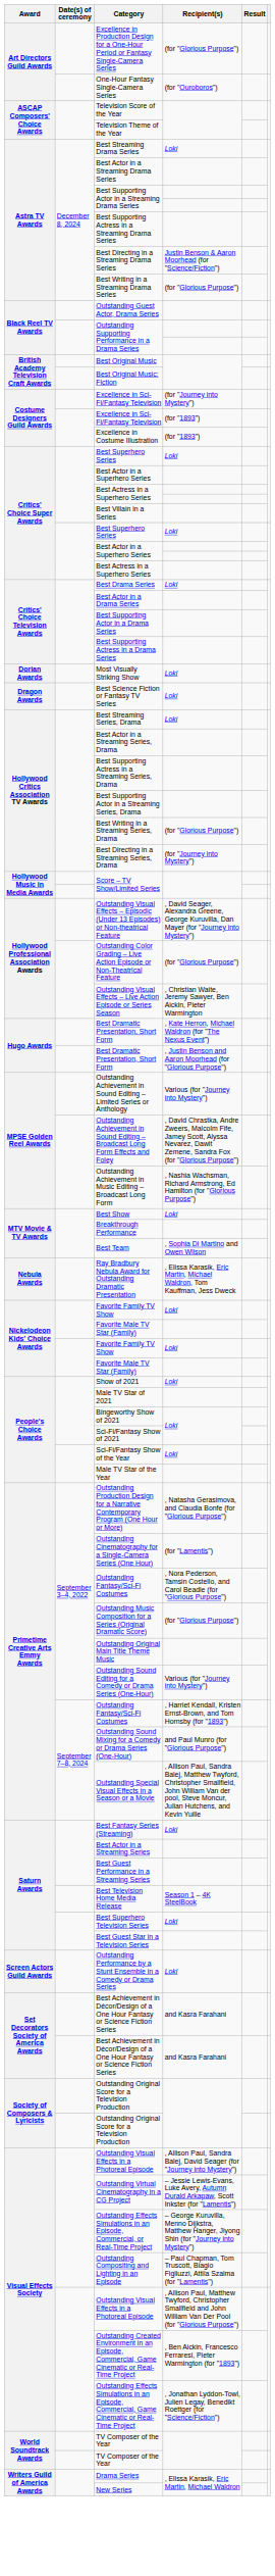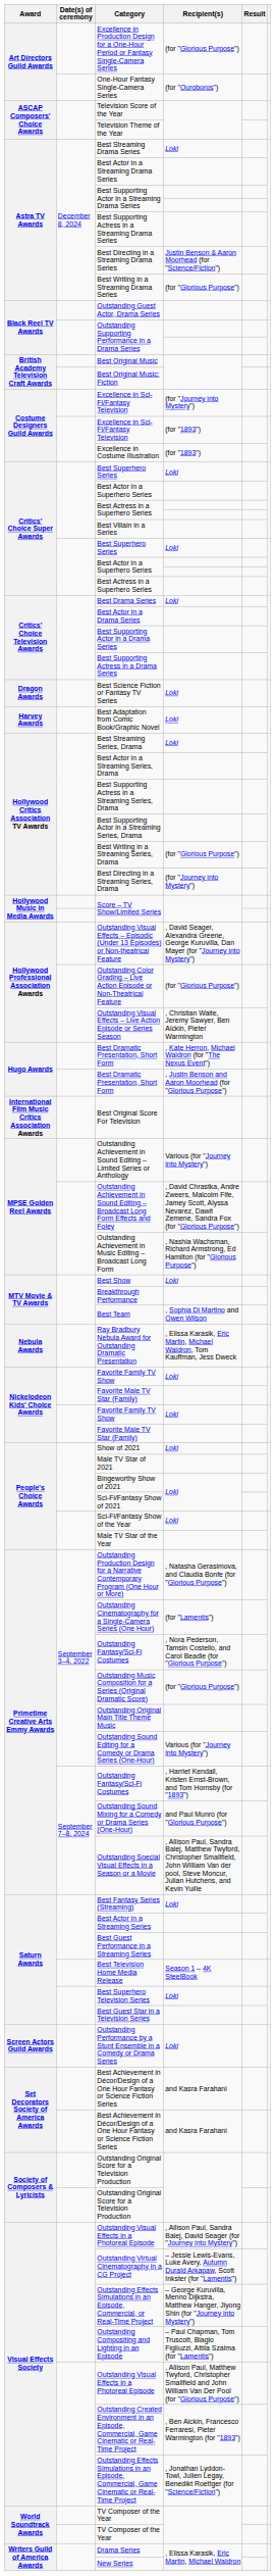 <table class="wikitable plainrowheaders sortable">
 <tr>
 <th scope="col">Award</th>
 <th scope="col">Date(s) of ceremony</th>
 <th scope="col">Category</th>
 <th scope="col">Recipient(s)</th>
 <th scope="col">Result</th>
 <th scope="col" class="unsortable"></th>
 </tr>
 <tr>
 <th rowspan="2" scope="rowgroup" style="text-align: center;"><a href='#'>Art Directors Guild Awards</a></th>
 <td><a href='#'></a></td>
 <td><a href='#'>Excellence in Production Design for a One-Hour Period or Fantasy Single-Camera Series</a></td>
 <td> (for "<a href='#'>Glorious Purpose</a>")</td>
 <td></td>
 <td style="text-align:center;"></td>
 </tr>
 <tr>
 <td><a href='#'></a></td>
 <td>One-Hour Fantasy Single-Camera Series</td>
 <td> (for "<a href='#'>Ouroboros</a>")</td>
 <td></td>
 <td style="text-align:center;"></td>
 </tr>
 <tr>
 <th rowspan="2" scope="rowgroup" style="text-align:center;"><a href='#'>ASCAP Composers' Choice Awards</a></th>
 <td rowspan="2"></td>
 <td>Television Score of the Year</td>
 <td rowspan="2"></td>
 <td></td>
 <td rowspan="2" style="text-align:center;"></td>
 </tr>
 <tr>
 <td>Television Theme of the Year</td>
 <td></td>
 </tr>
 <tr>
 <th rowspan="7" scope="rowgroup" style="text-align:center;"><a href='#'>Astra TV Awards</a></th>
 <td rowspan="7"><a href='#'>December 8, 2024</a></td>
 <td>Best Streaming Drama Series</td>
 <td><em><a href='#'>Loki</a></em></td>
 <td></td>
 <td rowspan="7" style="text-align:center;"></td>
 </tr>
 <tr>
 <td>Best Actor in a Streaming Drama Series</td>
 <td></td>
 <td></td>
 </tr>
 <tr>
 <td rowspan="2">Best Supporting Actor in a Streaming Drama Series</td>
 <td></td>
 <td></td>
 </tr>
 <tr>
 <td></td>
 <td></td>
 </tr>
 <tr>
 <td>Best Supporting Actress in a Streaming Drama Series</td>
 <td></td>
 <td></td>
 </tr>
 <tr>
 <td>Best Directing in a Streaming Drama Series</td>
 <td data-sort-value="Benson, Justin and Moorhead, Aaron"><a href='#'>Justin Benson & Aaron Moorhead</a> (for "<a href='#'>Science/Fiction</a>")</td>
 <td></td>
 </tr>
 <tr>
 <td>Best Writing in a Streaming Drama Series</td>
 <td> (for "<a href='#'>Glorious Purpose</a>")</td>
 <td></td>
 </tr>
 <tr>
 <th rowspan="3" scope="rowgroup"  style="text-align:center;"><a href='#'>Black Reel TV Awards</a></th>
 <td><a href='#'></a></td>
 <td><a href='#'>Outstanding Guest Actor, Drama Series</a></td>
 <td></td>
 <td></td>
 <td style="text-align:center;"></td>
 </tr>
 <tr>
 <td rowspan="2"><a href='#'></a></td>
 <td rowspan="2"><a href='#'>Outstanding Supporting Performance in a Drama Series</a></td>
 <td></td>
 <td></td>
 <td rowspan="2" style="text-align:center;"></td>
 </tr>
 <tr>
 <td></td>
 <td></td>
 </tr>
 <tr>
 <th rowspan="2" scope="rowgroup" style="text-align:center;"><a href='#'>British Academy Television Craft Awards</a></th>
 <td><a href='#'></a></td>
 <td><a href='#'>Best Original Music</a></td>
 <td rowspan="2"></td>
 <td></td>
 <td style="text-align:center;"></td>
 </tr>
 <tr>
 <td><a href='#'></a></td>
 <td><a href='#'>Best Original Music: Fiction</a></td>
 <td></td>
 <td style="text-align:center;"></td>
 </tr>
 <tr>
 <th rowspan="3" scope="rowgroup" style="text-align:center;"><a href='#'>Costume Designers Guild Awards</a></th>
 <td><a href='#'></a></td>
 <td><a href='#'>Excellence in Sci-Fi/Fantasy Television</a></td>
 <td> (for "<a href='#'>Journey into Mystery</a>")</td>
 <td></td>
 <td style="text-align:center;"><br></td>
 </tr>
 <tr>
 <td rowspan="2"><a href='#'></a></td>
 <td><a href='#'>Excellence in Sci-Fi/Fantasy Television</a></td>
 <td> (for "<a href='#'>1893</a>")</td>
 <td></td>
 <td rowspan="2" style="text-align:center;"></td>
 </tr>
 <tr>
 <td>Excellence in Costume Illustration</td>
 <td> (for "<a href='#'>1893</a>")</td>
 <td></td>
 </tr>
 <tr>
 <th rowspan="9" scope="rowgroup" style="text-align: center;"><a href='#'>Critics' Choice Super Awards</a></th>
 <td rowspan="5"><a href='#'></a></td>
 <td><a href='#'>Best Superhero Series</a></td>
 <td><em><a href='#'>Loki</a></em></td>
 <td></td>
 <td rowspan="5" style="text-align:center;"></td>
 </tr>
 <tr>
 <td>Best Actor in a Superhero Series</td>
 <td></td>
 <td></td>
 </tr>
 <tr>
 <td rowspan="2">Best Actress in a Superhero Series</td>
 <td></td>
 <td></td>
 </tr>
 <tr>
 <td></td>
 <td></td>
 </tr>
 <tr>
 <td>Best Villain in a Series</td>
 <td></td>
 <td></td>
 </tr>
 <tr>
 <td rowspan="4"><a href='#'></a></td>
 <td><a href='#'>Best Superhero Series</a></td>
 <td><em><a href='#'>Loki</a></em></td>
 <td></td>
 <td rowspan="4" style="text-align:center;"></td>
 </tr>
 <tr>
 <td rowspan="2">Best Actor in a Superhero Series</td>
 <td></td>
 <td></td>
 </tr>
 <tr>
 <td></td>
 <td></td>
 </tr>
 <tr>
 <td>Best Actress in a Superhero Series</td>
 <td></td>
 <td></td>
 </tr>
 <tr>
 <th rowspan="4" scope="rowgroup" style="text-align:center;"><a href='#'>Critics' Choice Television Awards</a></th>
 <td rowspan="4"><a href='#'></a></td>
 <td><a href='#'>Best Drama Series</a></td>
 <td><em><a href='#'>Loki</a></em></td>
 <td></td>
 <td rowspan="4" style="text-align:center;"></td>
 </tr>
 <tr>
 <td><a href='#'>Best Actor in a Drama Series</a></td>
 <td></td>
 <td></td>
 </tr>
 <tr>
 <td><a href='#'>Best Supporting Actor in a Drama Series</a></td>
 <td></td>
 <td></td>
 </tr>
 <tr>
 <td><a href='#'>Best Supporting Actress in a Drama Series</a></td>
 <td></td>
 <td></td>
 </tr>
 <tr>
-<th scope="row" style="text-align:center;"><a href='#'>Dorian Awards</a></th>
+<th scope="row" style="text-align:center;"><a href='#'>Dragon Awards</a></th>
 <td></td>
-<td>Most Visually Striking Show</td>
-<td><a href='#'><em>Loki</em></a></td>
+<td>Best Science Fiction or Fantasy TV Series</td>
+<td><em><a href='#'>Loki</a></em></td>
 <td></td>
 <td style="text-align:center;"></td>
 </tr>
 <tr>
-<th scope="row" style="text-align:center;"><a href='#'>Dragon Awards</a></th>
+<th scope="row" style="text-align:center;"><a href='#'>Harvey Awards</a></th>
 <td></td>
-<td>Best Science Fiction or Fantasy TV Series</td>
+<td>Best Adaptation from Comic Book/Graphic Novel</td>
 <td><em><a href='#'>Loki</a></em></td>
 <td></td>
 <td style="text-align:center;"></td>
 </tr>
 <tr>
 <th rowspan="6" scope="rowgroup" style="text-align:center;"><a href='#'>Hollywood Critics Association</a> TV Awards</th>
 <td rowspan="6"><a href='#'></a></td>
 <td>Best Streaming Series, Drama</td>
 <td><em><a href='#'>Loki</a></em></td>
 <td></td>
 <td rowspan="6" style="text-align:center;"></td>
 </tr>
 <tr>
 <td>Best Actor in a Streaming Series, Drama</td>
 <td></td>
 <td></td>
 </tr>
 <tr>
 <td>Best Supporting Actress in a Streaming Series, Drama</td>
 <td></td>
 <td></td>
 </tr>
 <tr>
 <td>Best Supporting Actor in a Streaming Series, Drama</td>
 <td></td>
 <td></td>
 </tr>
 <tr>
 <td>Best Writing in a Streaming Series, Drama</td>
 <td> (for "<a href='#'>Glorious Purpose</a>")</td>
 <td></td>
 </tr>
 <tr>
 <td>Best Directing in a Streaming Series, Drama</td>
 <td> (for "<a href='#'>Journey into Mystery</a>")</td>
 <td></td>
 </tr>
 <tr>
 <th rowspan="2" scope="rowgroup" style="text-align: center;"><a href='#'>Hollywood Music in Media Awards</a></th>
 <td><a href='#'></a></td>
 <td rowspan="2"><a href='#'>Score – TV Show/Limited Series</a></td>
 <td rowspan="2"></td>
 <td></td>
 <td style="text-align:center;"></td>
 </tr>
 <tr>
 <td><a href='#'></a></td>
 <td></td>
 <td style="text-align:center;"></td>
 </tr>
 <tr>
 <th rowspan="3" scope="rowgroup" style="text-align: center;"><a href='#'>Hollywood Professional Association</a> Awards</th>
 <td></td>
 <td><a href='#'>Outstanding Visual Effects – Episodic (Under 13 Episodes) or Non-theatrical Feature</a></td>
 <td>, David Seager, Alexandra Greene, George Kuruvilla, Dan Mayer (for "<a href='#'>Journey into Mystery</a>")</td>
 <td></td>
 <td style="text-align:center;"></td>
 </tr>
 <tr>
 <td rowspan="2"></td>
 <td><a href='#'>Outstanding Color Grading – Live Action Episode or Non-Theatrical Feature</a></td>
 <td> (for "<a href='#'>Glorious Purpose</a>")</td>
 <td></td>
 <td rowspan="2" style="text-align:center;"></td>
 </tr>
 <tr>
 <td><a href='#'>Outstanding Visual Effects – Live Action Episode or Series Season</a></td>
 <td>, Christian Waite, Jeremy Sawyer, Ben Aickin, Pieter Warmington</td>
 <td></td>
 </tr>
 <tr>
 <th rowspan="2" scope="rowgroup" style="text-align: center;"><a href='#'>Hugo Awards</a></th>
 <td></td>
 <td><a href='#'>Best Dramatic Presentation, Short Form</a></td>
 <td>, <a href='#'>Kate Herron</a>, <a href='#'>Michael Waldron</a> (for "<a href='#'>The Nexus Event</a>")</td>
 <td></td>
 <td style="text-align:center;"></td>
 </tr>
 <tr>
 <td></td>
 <td><a href='#'>Best Dramatic Presentation, Short Form</a></td>
 <td>, <a href='#'>Justin Benson and Aaron Moorhead</a>  (for "<a href='#'>Glorious Purpose</a>")</td>
+<td></td>
+<td style="text-align:center;"></td>
+</tr>
+<tr>
+<th scope="row" style="text-align:center;"><a href='#'>International Film Music Critics Association</a> Awards</th>
+<td></td>
+<td>Best Original Score For Television</td>
+<td></td>
 <td></td>
 <td style="text-align:center;"></td>
 </tr>
 <tr>
 <th rowspan="3" scope="rowgroup" style="text-align:center;"><a href='#'>MPSE Golden Reel Awards</a></th>
 <td><a href='#'></a></td>
 <td>Outstanding Achievement in Sound Editing – Limited Series or Anthology</td>
 <td>Various (for "<a href='#'>Journey into Mystery</a>")</td>
 <td></td>
 <td style="text-align:center;"></td>
 </tr>
 <tr>
 <td rowspan="2"><a href='#'></a></td>
 <td><a href='#'>Outstanding Achievement in Sound Editing – Broadcast Long Form Effects and Foley</a></td>
 <td>, David Chrastka, Andre Zweers, Malcolm Fife, Jamey Scott, Alyssa Nevarez, Dawit Zemene, Sandra Fox (for "<a href='#'>Glorious Purpose</a>")</td>
 <td></td>
 <td rowspan="2" style="text-align:center;"></td>
 </tr>
 <tr>
 <td>Outstanding Achievement in Music Editing – Broadcast Long Form</td>
 <td>, Nashia Wachsman, Richard Armstrong, Ed Hamilton (for "<a href='#'>Glorious Purpose</a>")</td>
 <td></td>
 </tr>
 <tr>
 <th rowspan="3" scope="rowgroup" style="text-align:center;"><a href='#'>MTV Movie & TV Awards</a></th>
 <td rowspan="3"><a href='#'></a></td>
 <td><a href='#'>Best Show</a></td>
 <td><em><a href='#'>Loki</a></em></td>
 <td></td>
 <td rowspan="3" style="text-align:center;"></td>
 </tr>
 <tr>
 <td><a href='#'>Breakthrough Performance</a></td>
 <td></td>
 <td></td>
 </tr>
 <tr>
 <td><a href='#'>Best Team</a></td>
 <td>, <a href='#'>Sophia Di Martino</a> and <a href='#'>Owen Wilson</a></td>
 <td></td>
 </tr>
 <tr>
 <th scope="row"><a href='#'>Nebula Awards</a></th>
 <td></td>
 <td><a href='#'>Ray Bradbury Nebula Award for Outstanding Dramatic Presentation</a></td>
 <td>, Elissa Karasik, <a href='#'>Eric Martin</a>, <a href='#'>Michael Waldron</a>, Tom Kauffman, Jess Dweck</td>
 <td></td>
 <td style="text-align:center;"></td>
 </tr>
 <tr>
 <th rowspan="4" scope="rowgroup" style="text-align:center;"><a href='#'>Nickelodeon Kids' Choice Awards</a></th>
 <td rowspan="2"><a href='#'></a></td>
 <td><a href='#'>Favorite Family TV Show</a></td>
 <td><em><a href='#'>Loki</a></em></td>
 <td></td>
 <td rowspan="2" style="text-align:center;"></td>
 </tr>
 <tr>
 <td><a href='#'>Favorite Male TV Star (Family)</a></td>
 <td></td>
 <td></td>
 </tr>
 <tr>
 <td rowspan="2"><a href='#'></a></td>
 <td><a href='#'>Favorite Family TV Show</a></td>
 <td><em><a href='#'>Loki</a></em></td>
 <td></td>
 <td rowspan="2" style="text-align:center;"></td>
 </tr>
 <tr>
 <td><a href='#'>Favorite Male TV Star (Family)</a></td>
 <td></td>
 <td></td>
 </tr>
 <tr>
 <th rowspan="6" scope="rowgroup" style="text-align:center;"><a href='#'>People's Choice Awards</a></th>
 <td rowspan="4"><a href='#'></a></td>
 <td>Show of 2021</td>
 <td><em><a href='#'>Loki</a></em></td>
 <td></td>
 <td rowspan="4" style="text-align:center;"></td>
 </tr>
 <tr>
 <td>Male TV Star of 2021</td>
 <td></td>
 <td></td>
 </tr>
 <tr>
 <td>Bingeworthy Show of 2021</td>
 <td rowspan="2"><em><a href='#'>Loki</a></em></td>
 <td></td>
 </tr>
 <tr>
 <td>Sci-Fi/Fantasy Show of 2021</td>
 <td></td>
 </tr>
 <tr>
 <td rowspan="2"><a href='#'></a></td>
 <td>Sci-Fi/Fantasy Show of the Year</td>
 <td><em><a href='#'>Loki</a></em></td>
 <td></td>
 <td rowspan="2" style="text-align:center;"></td>
 </tr>
 <tr>
 <td>Male TV Star of the Year</td>
 <td></td>
 <td></td>
 </tr>
 <tr>
 <th rowspan="9" scope="rowgroup" style="text-align:center;"><a href='#'>Primetime Creative Arts Emmy Awards</a></th>
 <td rowspan="6"><a href='#'>September 3–4, 2022</a></td>
 <td><a href='#'>Outstanding Production Design for a Narrative Contemporary Program (One Hour or More)</a></td>
 <td>, Natasha Gerasimova, and Claudia Bonfe (for "<a href='#'>Glorious Purpose</a>")</td>
 <td></td>
 <td rowspan="6" style="text-align:center;"></td>
 </tr>
 <tr>
 <td><a href='#'>Outstanding Cinematography for a Single-Camera Series (One Hour)</a></td>
 <td> (for "<a href='#'>Lamentis</a>")</td>
 <td></td>
 </tr>
 <tr>
 <td><a href='#'>Outstanding Fantasy/Sci-Fi Costumes</a></td>
 <td>, Nora Pederson, Tamsin Costello, and Carol Beadle (for "<a href='#'>Glorious Purpose</a>")</td>
 <td></td>
 </tr>
 <tr>
 <td><a href='#'>Outstanding Music Composition for a Series (Original Dramatic Score)</a></td>
 <td> (for "<a href='#'>Glorious Purpose</a>")</td>
 <td></td>
 </tr>
 <tr>
 <td><a href='#'>Outstanding Original Main Title Theme Music</a></td>
 <td></td>
 <td></td>
 </tr>
 <tr>
 <td><a href='#'>Outstanding Sound Editing for a Comedy or Drama Series (One-Hour)</a></td>
 <td>Various (for "<a href='#'>Journey into Mystery</a>")</td>
 <td></td>
 </tr>
 <tr>
 <td rowspan="3"><a href='#'>September 7–8, 2024</a></td>
 <td><a href='#'>Outstanding Fantasy/Sci-Fi Costumes</a></td>
 <td>, Harriet Kendall, Kristen Ernst-Brown, and Tom Hornsby (for "<a href='#'>1893</a>")</td>
 <td></td>
 <td rowspan="3" style="text-align:center;"></td>
 </tr>
 <tr>
 <td><a href='#'>Outstanding Sound Mixing for a Comedy or Drama Series (One-Hour)</a></td>
 <td> and Paul Munro (for "<a href='#'>Glorious Purpose</a>")</td>
 <td></td>
 </tr>
 <tr>
 <td><a href='#'>Outstanding Special Visual Effects in a Season or a Movie</a></td>
 <td>, Allison Paul, Sandra Balej, Matthew Twyford, Christopher Smallfield, John William Van der pool, Steve Moncur, Julian Hutchens, and Kevin Yuille</td>
 <td></td>
 </tr>
 <tr>
 <th rowspan="6" scope="rowgroup" style="text-align: center;"><a href='#'>Saturn Awards</a></th>
 <td rowspan="3"><a href='#'></a></td>
 <td><a href='#'>Best Fantasy Series (Streaming)</a></td>
 <td><em><a href='#'>Loki</a></em></td>
 <td></td>
 <td rowspan="3" style="text-align:center;"></td>
 </tr>
 <tr>
 <td><a href='#'>Best Actor in a Streaming Series</a></td>
 <td></td>
 <td></td>
 </tr>
 <tr>
 <td><a href='#'>Best Guest Performance in a Streaming Series</a></td>
 <td></td>
 <td></td>
 </tr>
 <tr>
 <td><a href='#'></a></td>
 <td><a href='#'>Best Television Home Media Release</a></td>
 <td><a href='#'>Season 1</a> – <a href='#'>4K SteelBook</a></td>
 <td></td>
 <td style="text-align:center;"></td>
 </tr>
 <tr>
 <td rowspan="2"><a href='#'></a></td>
 <td><a href='#'>Best Superhero Television Series</a></td>
 <td><em><a href='#'>Loki</a></em></td>
 <td></td>
 <td rowspan="2" style="text-align:center;"></td>
 </tr>
 <tr>
 <td><a href='#'>Best Guest Star in a Television Series</a></td>
 <td></td>
 <td></td>
 </tr>
 <tr>
 <th scope="row" style="text-align:center;"><a href='#'>Screen Actors Guild Awards</a></th>
 <td><a href='#'></a></td>
 <td><a href='#'>Outstanding Performance by a Stunt Ensemble in a Comedy or Drama Series</a></td>
 <td><em><a href='#'>Loki</a></em></td>
 <td></td>
 <td style="text-align:center;"></td>
 </tr>
 <tr>
 <th rowspan="2" scope="rowgroup" style="text-align: center;"><a href='#'>Set Decorators Society of America Awards</a></th>
 <td><a href='#'></a></td>
 <td>Best Achievement in Décor/Design of a One Hour Fantasy or Science Fiction Series</td>
 <td> and Kasra Farahani</td>
 <td></td>
 <td style="text-align:center;"></td>
 </tr>
 <tr>
 <td><a href='#'></a></td>
 <td>Best Achievement in Décor/Design of a One Hour Fantasy or Science Fiction Series</td>
 <td> and Kasra Farahani</td>
 <td></td>
 <td style="text-align:center;"></td>
 </tr>
 <tr>
 <th rowspan="2" scope="rowgroup" style="text-align: center;"><a href='#'>Society of Composers & Lyricists</a></th>
 <td></td>
 <td>Outstanding Original Score for a Television Production</td>
 <td rowspan="2"></td>
 <td></td>
 <td style="text-align:center;"></td>
 </tr>
 <tr>
 <td></td>
 <td>Outstanding Original Score for a Television Production</td>
 <td></td>
 <td style="text-align:center;"></td>
 </tr>
 <tr>
 <th rowspan="7" scope="rowgroup" style="text-align: center;"><a href='#'>Visual Effects Society</a></th>
 <td rowspan="4"><a href='#'></a></td>
 <td><a href='#'>Outstanding Visual Effects in a Photoreal Episode</a></td>
 <td>, Allison Paul, Sandra Balej, David Seager (for "<a href='#'>Journey into Mystery</a>")</td>
 <td></td>
 <td rowspan="4" style="text-align:center;"></td>
 </tr>
 <tr>
 <td><a href='#'>Outstanding Virtual Cinematography in a CG Project</a></td>
 <td> – Jessie Lewis-Evans, Luke Avery, <a href='#'>Autumn Durald Arkapaw</a>, Scott Inkster (for "<a href='#'>Lamentis</a>")</td>
 <td></td>
 </tr>
 <tr>
 <td><a href='#'>Outstanding Effects Simulations in an Episode, Commercial, or Real-Time Project</a></td>
 <td> – George Kuruvilla, Menno Dijkstra, Matthew Hanger, Jiyong Shin (for "<a href='#'>Journey into Mystery</a>")</td>
 <td></td>
 </tr>
 <tr>
 <td><a href='#'>Outstanding Compositing and Lighting in an Episode</a></td>
 <td> – Paul Chapman, Tom Truscott, Biagio Figliuzzi, Attila Szalma (for "<a href='#'>Lamentis</a>")</td>
 <td></td>
 </tr>
 <tr>
 <td rowspan="3"><a href='#'></a></td>
 <td><a href='#'>Outstanding Visual Effects in a Photoreal Episode</a></td>
 <td>, Allison Paul, Matthew Twyford, Christopher Smallfield and John William Van Der Pool (for "<a href='#'>Glorious Purpose</a>")</td>
 <td></td>
 <td rowspan="3" style="text-align:center;"></td>
 </tr>
 <tr>
 <td><a href='#'>Outstanding Created Environment in an Episode, Commercial, Game Cinematic or Real-Time Project</a></td>
 <td>, Ben Aickin, Francesco Ferraresi, Pieter Warmington (for "<a href='#'>1893</a>")</td>
 <td></td>
 </tr>
 <tr>
 <td><a href='#'>Outstanding Effects Simulations in an Episode, Commercial, Game Cinematic or Real-Time Project</a></td>
 <td>, Jonathan Lyddon-Towl, Julien Legay, Benedikt Roettger (for "<a href='#'>Science/Fiction</a>")</td>
 <td></td>
 </tr>
 <tr>
 <th rowspan="2" scope="rowgroup" style="text-align:center;"><a href='#'>World Soundtrack Awards</a></th>
 <td></td>
 <td>TV Composer of the Year</td>
 <td rowspan="2"></td>
 <td></td>
 <td style="text-align:center;"></td>
 </tr>
 <tr>
 <td></td>
 <td>TV Composer of the Year</td>
 <td></td>
 <td style="text-align:center;"></td>
 </tr>
 <tr>
 <th rowspan="2" scope="row" style="text-align:center;"><a href='#'>Writers Guild of America Awards</a></th>
 <td rowspan="2"><a href='#'></a></td>
 <td><a href='#'>Drama Series</a></td>
 <td rowspan="2">, Elissa Karasik, <a href='#'>Eric Martin</a>, <a href='#'>Michael Waldron</a></td>
 <td></td>
 <td rowspan="2" style="text-align:center;"></td>
 </tr>
 <tr>
 <td><a href='#'>New Series</a></td>
 <td></td>
 </tr>
 </table>
